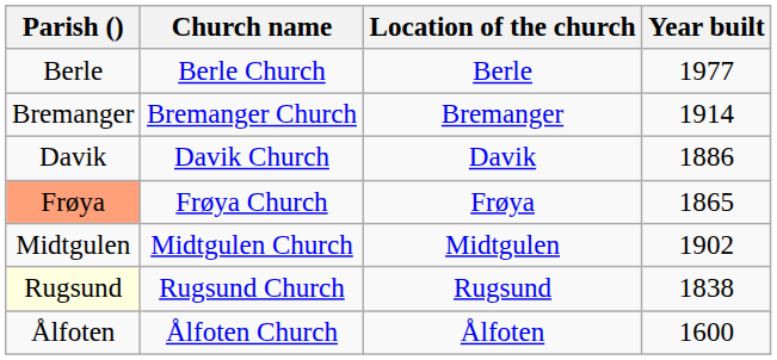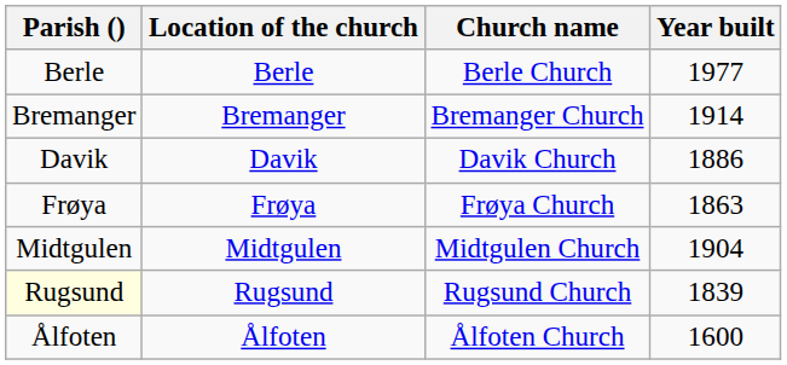 <table class="wikitable" style="text-align:center">
 <tr>
 <th>Parish ()</th>
+<th>Location of the church</th>
 <th>Church name</th>
-<th>Location of the church</th>
 <th>Year built</th>
 </tr>
 <tr>
 <td>Berle</td>
+<td><a href='#'>Berle</a></td>
 <td><a href='#'>Berle Church</a></td>
-<td><a href='#'>Berle</a></td>
 <td>1977</td>
 </tr>
 <tr>
 <td>Bremanger</td>
+<td><a href='#'>Bremanger</a></td>
 <td><a href='#'>Bremanger Church</a></td>
-<td><a href='#'>Bremanger</a></td>
 <td>1914</td>
 </tr>
 <tr>
 <td>Davik</td>
+<td><a href='#'>Davik</a></td>
 <td><a href='#'>Davik Church</a></td>
-<td><a href='#'>Davik</a></td>
 <td>1886</td>
 </tr>
 <tr>
-<td style="background: lightsalmon;">Frøya</td>
+<td>Frøya</td>
+<td><a href='#'>Frøya</a></td>
 <td><a href='#'>Frøya Church</a></td>
-<td><a href='#'>Frøya</a></td>
-<td>1865</td>
+<td>1863</td>
 </tr>
 <tr>
 <td>Midtgulen</td>
+<td><a href='#'>Midtgulen</a></td>
 <td><a href='#'>Midtgulen Church</a></td>
-<td><a href='#'>Midtgulen</a></td>
-<td>1902</td>
+<td>1904</td>
 </tr>
 <tr>
 <td style="background: lightyellow;">Rugsund</td>
+<td><a href='#'>Rugsund</a></td>
 <td><a href='#'>Rugsund Church</a></td>
-<td><a href='#'>Rugsund</a></td>
-<td>1838</td>
+<td>1839</td>
 </tr>
 <tr>
 <td>Ålfoten</td>
+<td><a href='#'>Ålfoten</a></td>
 <td><a href='#'>Ålfoten Church</a></td>
-<td><a href='#'>Ålfoten</a></td>
 <td>1600</td>
 </tr>
 </table>
